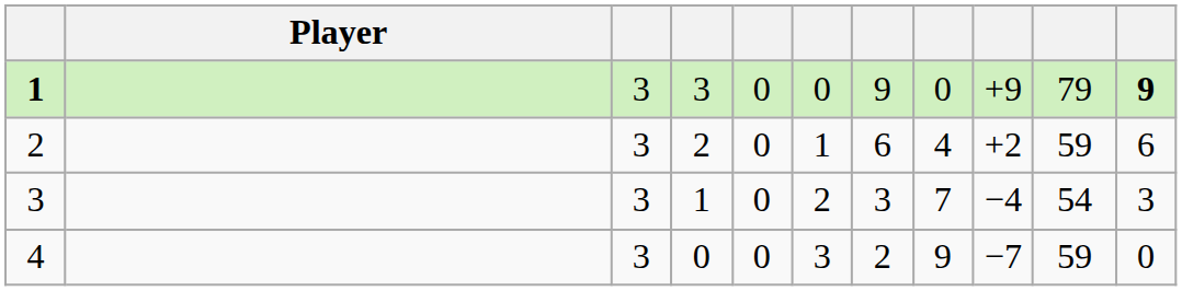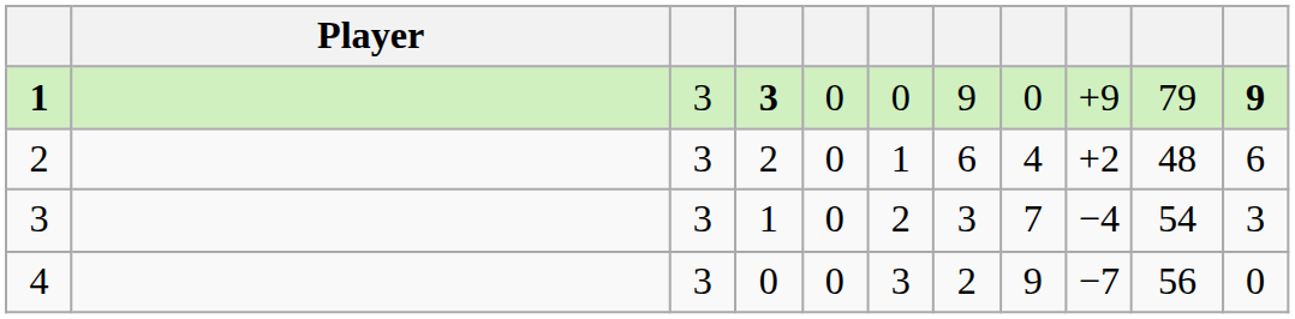 <table class="wikitable" style="text-align:center; margin: 1em auto 1em auto, align:left">
 <tr>
 <th width=20></th>
 <th width=240>Player</th>
 <th width=20></th>
 <th width=20></th>
 <th width=20></th>
 <th width=20></th>
 <th width=20></th>
 <th width=20></th>
 <th width=20></th>
 <th width=30></th>
 <th width=20></th>
 </tr>
 <tr style="background:#D0F0C0;">
 <td><strong>1</strong></td>
 <td align=left></td>
 <td>3</td>
-<td>3</td>
+<td><strong>3</strong></td>
 <td>0</td>
 <td>0</td>
 <td>9</td>
 <td>0</td>
 <td>+9</td>
 <td>79</td>
 <td><strong>9</strong></td>
 </tr>
 <tr style=>
 <td>2</td>
 <td align=left></td>
 <td>3</td>
 <td>2</td>
 <td>0</td>
 <td>1</td>
 <td>6</td>
 <td>4</td>
 <td>+2</td>
-<td>59</td>
+<td>48</td>
 <td>6</td>
 </tr>
 <tr style=>
 <td>3</td>
 <td align=left></td>
 <td>3</td>
 <td>1</td>
 <td>0</td>
 <td>2</td>
 <td>3</td>
 <td>7</td>
 <td>−4</td>
 <td>54</td>
 <td>3</td>
 </tr>
 <tr style=>
 <td>4</td>
 <td align=left></td>
 <td>3</td>
 <td>0</td>
 <td>0</td>
 <td>3</td>
 <td>2</td>
 <td>9</td>
 <td>−7</td>
-<td>59</td>
+<td>56</td>
 <td>0</td>
 </tr>
 </table>
